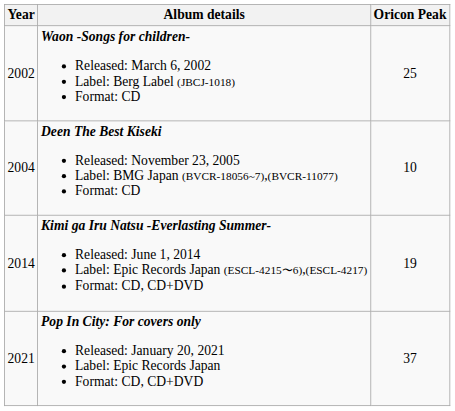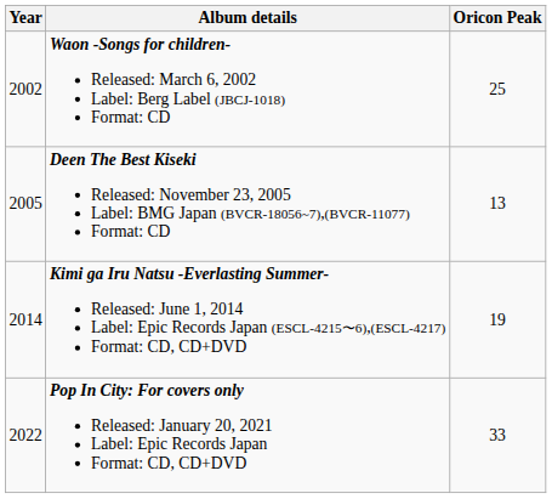 <table class="wikitable">
 <tr>
 <th>Year</th>
 <th>Album details</th>
 <th>Oricon Peak</th>
 </tr>
 <tr>
 <td>2002</td>
 <td><strong><em>Waon -Songs for children-</em></strong><br><ul><li>Released: March 6, 2002</li><li>Label: Berg Label <small>(JBCJ-1018)</small></li><li>Format: CD</li></ul></td>
 <td align="center">25</td>
 </tr>
 <tr>
-<td>2004</td>
+<td>2005</td>
 <td><strong><em>Deen The Best Kiseki</em></strong><br><ul><li>Released: November 23, 2005</li><li>Label: BMG Japan <small>(BVCR-18056~7)</small>,<small>(BVCR-11077)</small></li><li>Format: CD</li></ul></td>
-<td align="center">10</td>
+<td align="center">13</td>
 </tr>
 <tr>
 <td>2014</td>
 <td><strong><em>Kimi ga Iru Natsu -Everlasting Summer-</em></strong><br><ul><li>Released: June 1, 2014</li><li>Label: Epic Records Japan <small>(ESCL-4215〜6)</small>,<small>(ESCL-4217)</small></li><li>Format: CD, CD+DVD</li></ul></td>
 <td align="center">19</td>
 </tr>
 <tr>
-<td>2021</td>
+<td>2022</td>
 <td><strong><em>Pop In City: For covers only</em></strong><br><ul><li>Released: January 20, 2021</li><li>Label: Epic Records Japan</li><li>Format: CD, CD+DVD</li></ul></td>
-<td align="center">37</td>
+<td align="center">33</td>
 </tr>
 </table>
